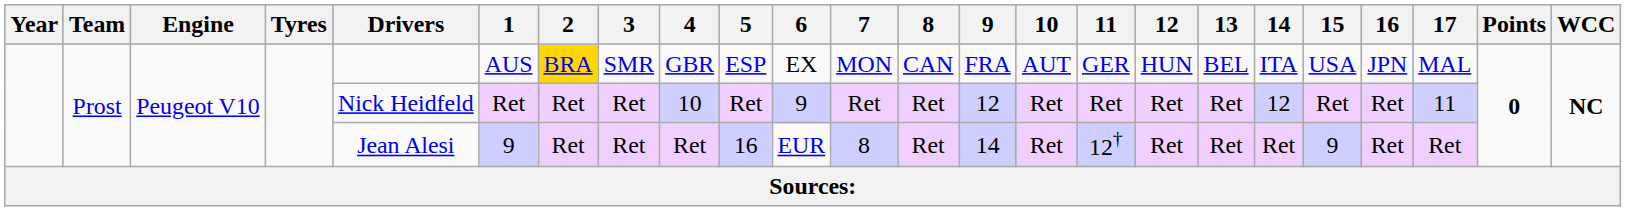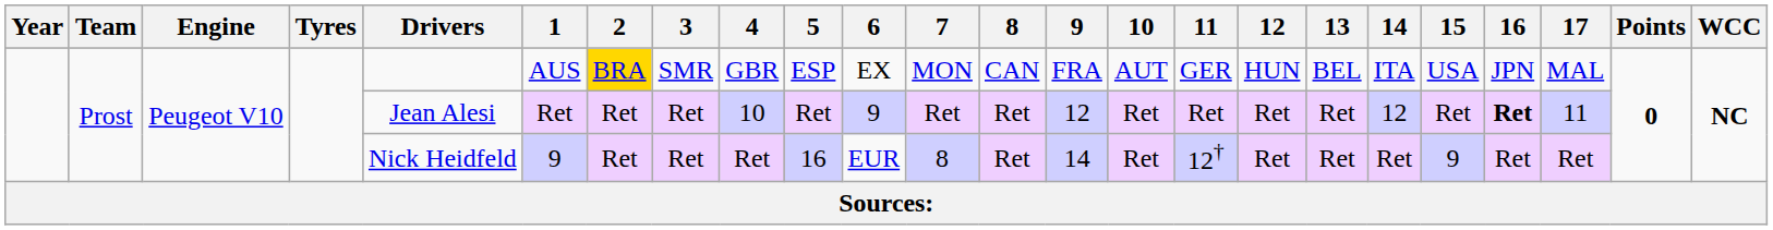 <table class="wikitable" style="text-align:center; font-size:95%">
 <tr>
 <th>Year</th>
 <th>Team</th>
 <th>Engine</th>
 <th>Tyres</th>
 <th>Drivers</th>
 <th>1</th>
 <th>2</th>
 <th>3</th>
 <th>4</th>
 <th>5</th>
 <th>6</th>
 <th>7</th>
 <th>8</th>
 <th>9</th>
 <th>10</th>
 <th>11</th>
 <th>12</th>
 <th>13</th>
 <th>14</th>
 <th>15</th>
 <th>16</th>
 <th>17</th>
 <th>Points</th>
 <th>WCC</th>
 </tr>
 <tr>
 <td rowspan="3"></td>
 <td rowspan="3"><a href='#'>Prost</a></td>
 <td rowspan="3"><a href='#'>Peugeot V10</a></td>
 <td rowspan="3"></td>
 <td></td>
 <td><a href='#'>AUS</a></td>
 <td style="background: gold;"><a href='#'>BRA</a></td>
 <td><a href='#'>SMR</a></td>
 <td><a href='#'>GBR</a></td>
 <td><a href='#'>ESP</a></td>
 <td>EX</td>
 <td><a href='#'>MON</a></td>
 <td><a href='#'>CAN</a></td>
 <td><a href='#'>FRA</a></td>
 <td><a href='#'>AUT</a></td>
 <td><a href='#'>GER</a></td>
 <td><a href='#'>HUN</a></td>
 <td><a href='#'>BEL</a></td>
 <td><a href='#'>ITA</a></td>
 <td><a href='#'>USA</a></td>
 <td><a href='#'>JPN</a></td>
 <td><a href='#'>MAL</a></td>
 <td rowspan="3"><strong>0</strong></td>
 <td rowspan="3"><strong>NC</strong></td>
 </tr>
 <tr>
-<td> <a href='#'>Nick Heidfeld</a></td>
+<td> <a href='#'>Jean Alesi</a></td>
 <td style="background:#EFCFFF;">Ret</td>
 <td style="background:#EFCFFF;">Ret</td>
 <td style="background:#EFCFFF;">Ret</td>
 <td style="background:#CFCFFF;">10</td>
 <td style="background:#EFCFFF;">Ret</td>
 <td style="background:#CFCFFF;">9</td>
 <td style="background:#EFCFFF;">Ret</td>
 <td style="background:#EFCFFF;">Ret</td>
 <td style="background:#CFCFFF;">12</td>
 <td style="background:#EFCFFF;">Ret</td>
 <td style="background:#EFCFFF;">Ret</td>
 <td style="background:#EFCFFF;">Ret</td>
 <td style="background:#EFCFFF;">Ret</td>
 <td style="background:#CFCFFF;">12</td>
 <td style="background:#EFCFFF;">Ret</td>
-<td style="background:#EFCFFF;">Ret</td>
+<td style="background:#EFCFFF;"><strong>Ret</strong></td>
 <td style="background:#CFCFFF;">11</td>
 </tr>
 <tr>
-<td> <a href='#'>Jean Alesi</a></td>
+<td> <a href='#'>Nick Heidfeld</a></td>
 <td style="background:#CFCFFF;">9</td>
 <td style="background:#EFCFFF;">Ret</td>
 <td style="background:#EFCFFF;">Ret</td>
 <td style="background:#EFCFFF;">Ret</td>
 <td style="background:#CFCFFF;">16</td>
 <td><a href='#'>EUR</a></td>
 <td style="background:#CFCFFF;">8</td>
 <td style="background:#EFCFFF;">Ret</td>
 <td style="background:#CFCFFF;">14</td>
 <td style="background:#EFCFFF;">Ret</td>
 <td style="background:#CFCFFF;">12<sup>†</sup></td>
 <td style="background:#EFCFFF;">Ret</td>
 <td style="background:#EFCFFF;">Ret</td>
 <td style="background:#EFCFFF;">Ret</td>
 <td style="background:#CFCFFF;">9</td>
 <td style="background:#EFCFFF;">Ret</td>
 <td style="background:#EFCFFF;">Ret</td>
 </tr>
 <tr>
 <th colspan="24">Sources:</th>
 </tr>
 </table>
